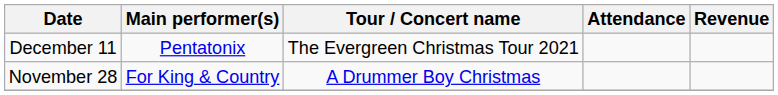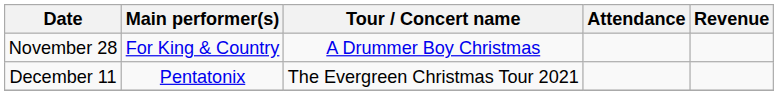 <table class="wikitable"  style="text-align:center; font-size:95%;">
 <tr>
 <th style="text-align:center;">Date</th>
 <th style="text-align:center;">Main performer(s)</th>
 <th style="text-align:center;">Tour / Concert name</th>
 <th style="text-align:center;">Attendance</th>
 <th style="text-align:center;">Revenue</th>
 </tr>
 <tr>
+<td>November 28</td>
+<td><a href='#'>For King & Country</a></td>
+<td><a href='#'>A Drummer Boy Christmas</a></td>
+<td></td>
+<td></td>
+</tr>
+<tr>
 <td>December 11</td>
 <td><a href='#'>Pentatonix</a></td>
 <td>The Evergreen Christmas Tour 2021</td>
 <td></td>
 <td></td>
 </tr>
 <tr>
-<td>November 28</td>
-<td><a href='#'>For King & Country</a></td>
-<td><a href='#'>A Drummer Boy Christmas</a></td>
-<td></td>
-<td></td>
-</tr>
-<tr>
 </tr>
 </table>
